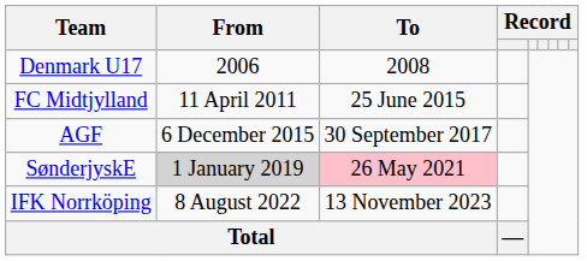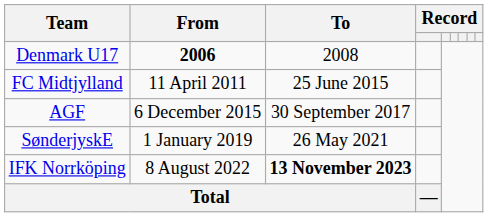 <table class="wikitable" style="text-align: center">
 <tr>
 <th rowspan="2">Team</th>
 <th rowspan="2">From</th>
 <th rowspan="2">To</th>
 <th colspan="6">Record</th>
 </tr>
 <tr>
 <th></th>
 <th></th>
 <th></th>
 <th></th>
 <th></th>
 <th></th>
 </tr>
 <tr>
 <td><a href='#'>Denmark U17</a></td>
-<td>2006</td>
+<td><strong>2006</strong></td>
 <td>2008<br></td>
 <td></td>
 </tr>
 <tr>
 <td><a href='#'>FC Midtjylland</a></td>
 <td>11 April 2011</td>
 <td>25 June 2015<br></td>
 <td></td>
 </tr>
 <tr>
 <td><a href='#'>AGF</a></td>
 <td>6 December 2015</td>
 <td>30 September 2017<br></td>
 <td></td>
 </tr>
 <tr>
 <td><a href='#'>SønderjyskE</a></td>
-<td style="background: lightgrey;">1 January 2019</td>
-<td style="background: pink;">26 May 2021<br></td>
+<td>1 January 2019</td>
+<td>26 May 2021<br></td>
 <td></td>
 </tr>
 <tr>
 <td><a href='#'>IFK Norrköping</a></td>
 <td>8 August 2022</td>
-<td>13 November 2023<br></td>
+<td><strong>13 November 2023<br></strong></td>
 <td></td>
 </tr>
 <tr>
 <th colspan="3">Total<br></th>
 <th>—</th>
 </tr>
 </table>
